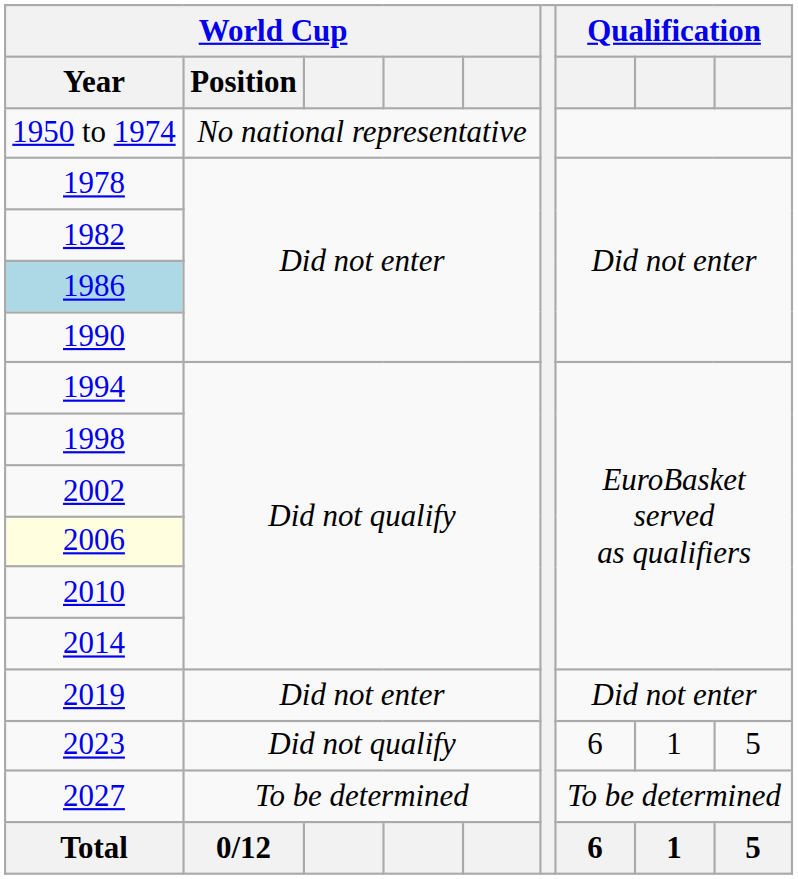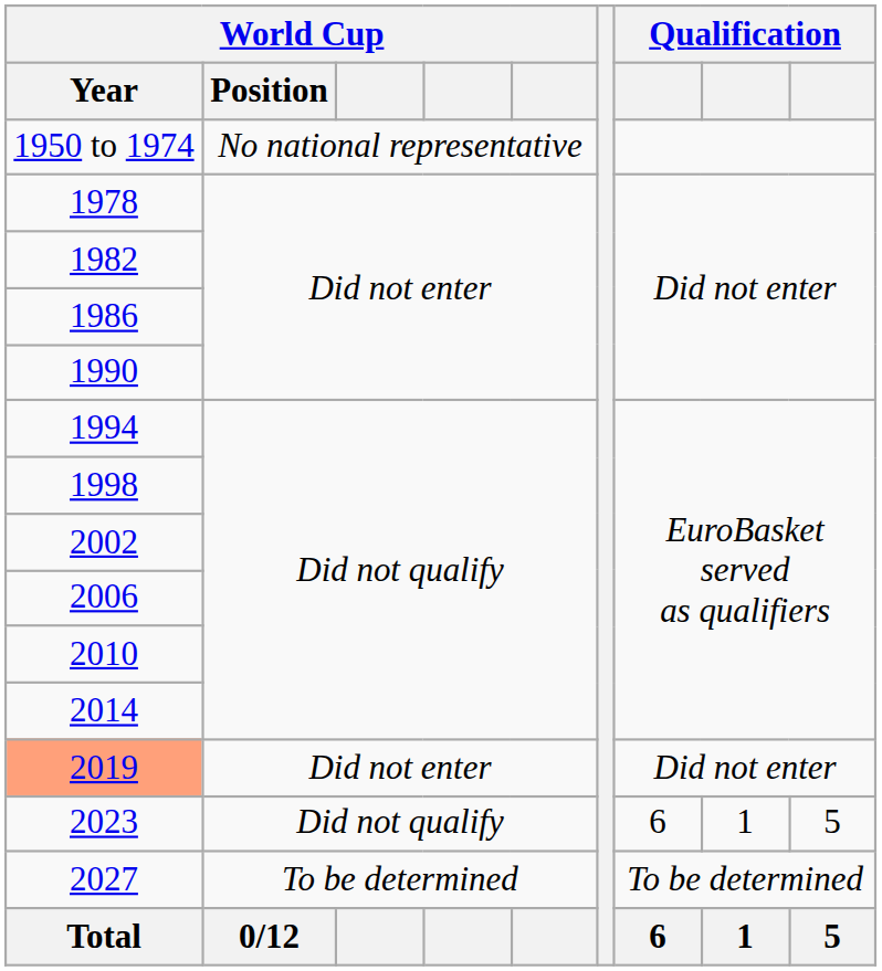 <table class="wikitable" style="text-align: center;font-size:90%;">
 <tr>
 <th colspan=5><a href='#'>World Cup</a></th>
 <th rowspan=17></th>
 <th colspan=3><a href='#'>Qualification</a></th>
 </tr>
 <tr>
 <th>Year</th>
 <th>Position</th>
 <th width=30></th>
 <th width=30></th>
 <th width=30></th>
 <th width=30></th>
 <th width=30></th>
 <th width=30></th>
 </tr>
 <tr>
 <td><a href='#'>1950</a> to <a href='#'>1974</a></td>
 <td colspan=4><em>No national representative</em></td>
 </tr>
 <tr>
 <td> <a href='#'>1978</a></td>
 <td colspan=4 rowspan=4><em>Did not enter</em></td>
 <td colspan=3 rowspan=4><em>Did not enter</em></td>
 </tr>
 <tr>
 <td> <a href='#'>1982</a></td>
 </tr>
 <tr>
-<td style="background: lightblue;"> <a href='#'>1986</a></td>
+<td> <a href='#'>1986</a></td>
 </tr>
 <tr>
 <td> <a href='#'>1990</a></td>
 </tr>
 <tr>
 <td> <a href='#'>1994</a></td>
 <td colspan=4 rowspan=6><em>Did not qualify</em></td>
 <td colspan=3 rowspan=6><em>EuroBasket served<br>as qualifiers</em></td>
 </tr>
 <tr>
 <td> <a href='#'>1998</a></td>
 </tr>
 <tr>
 <td> <a href='#'>2002</a></td>
 </tr>
 <tr>
-<td style="background: lightyellow;"> <a href='#'>2006</a></td>
+<td> <a href='#'>2006</a></td>
 </tr>
 <tr>
 <td> <a href='#'>2010</a></td>
 </tr>
 <tr>
 <td> <a href='#'>2014</a></td>
 </tr>
 <tr>
-<td> <a href='#'>2019</a></td>
+<td style="background: lightsalmon;"> <a href='#'>2019</a></td>
 <td colspan=4><em>Did not enter</em></td>
 <td colspan=3><em>Did not enter</em></td>
 </tr>
 <tr>
 <td> <a href='#'>2023</a></td>
 <td colspan=4><em>Did not qualify</em></td>
 <td>6</td>
 <td>1</td>
 <td>5</td>
 </tr>
 <tr>
 <td> <a href='#'>2027</a></td>
 <td colspan=4><em>To be determined</em></td>
 <td colspan=3><em>To be determined</em></td>
 </tr>
 <tr>
 <th>Total</th>
 <th>0/12</th>
 <th></th>
 <th></th>
 <th></th>
 <th>6</th>
 <th>1</th>
 <th>5</th>
 </tr>
 </table>
